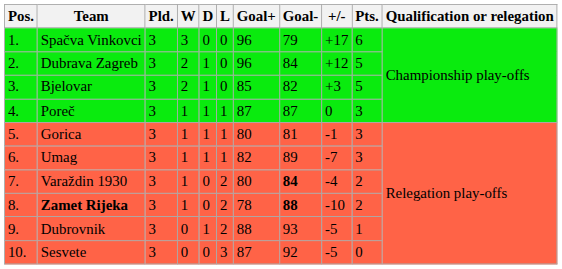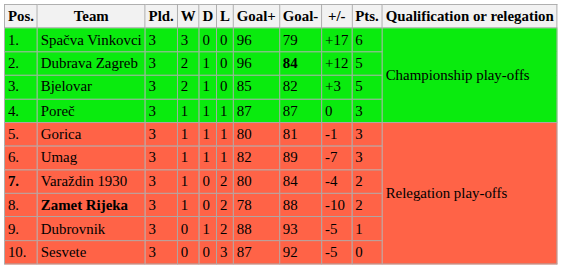 <table class="wikitable">
 <tr>
 <th>Pos.</th>
 <th>Team</th>
 <th>Pld.</th>
 <th>W</th>
 <th>D</th>
 <th>L</th>
 <th>Goal+</th>
 <th>Goal-</th>
 <th>+/-</th>
 <th>Pts.</th>
 <th>Qualification or relegation</th>
 </tr>
 <tr bgcolor="paleblue">
 <td>1.</td>
 <td>Spačva Vinkovci</td>
 <td>3</td>
 <td>3</td>
 <td>0</td>
 <td>0</td>
 <td>96</td>
 <td>79</td>
 <td>+17</td>
 <td>6</td>
 <td rowspan="4">Championship play-offs</td>
 </tr>
 <tr bgcolor="paleblue">
 <td>2.</td>
 <td>Dubrava Zagreb</td>
 <td>3</td>
 <td>2</td>
 <td>1</td>
 <td>0</td>
 <td>96</td>
-<td>84</td>
+<td><strong>84</strong></td>
 <td>+12</td>
 <td>5</td>
 </tr>
 <tr bgcolor="paleblue">
 <td>3.</td>
 <td>Bjelovar</td>
 <td>3</td>
 <td>2</td>
 <td>1</td>
 <td>0</td>
 <td>85</td>
 <td>82</td>
 <td>+3</td>
 <td>5</td>
 </tr>
 <tr bgcolor="paleblue">
 <td>4.</td>
 <td>Poreč</td>
 <td>3</td>
 <td>1</td>
 <td>1</td>
 <td>1</td>
 <td>87</td>
 <td>87</td>
 <td>0</td>
 <td>3</td>
 </tr>
 <tr style="background:tomato;">
 <td>5.</td>
 <td>Gorica</td>
 <td>3</td>
 <td>1</td>
 <td>1</td>
 <td>1</td>
 <td>80</td>
 <td>81</td>
 <td>-1</td>
 <td>3</td>
 <td rowspan="6">Relegation play-offs</td>
 </tr>
 <tr style="background:tomato;">
 <td>6.</td>
 <td>Umag</td>
 <td>3</td>
 <td>1</td>
 <td>1</td>
 <td>1</td>
 <td>82</td>
 <td>89</td>
 <td>-7</td>
 <td>3</td>
 </tr>
 <tr style="background:tomato;">
-<td>7.</td>
+<td><strong>7.</strong></td>
 <td>Varaždin 1930</td>
 <td>3</td>
 <td>1</td>
 <td>0</td>
 <td>2</td>
 <td>80</td>
-<td><strong>84</strong></td>
+<td>84</td>
 <td>-4</td>
 <td>2</td>
 </tr>
 <tr style="background:tomato;">
 <td>8.</td>
 <td><strong>Zamet Rijeka</strong></td>
 <td>3</td>
 <td>1</td>
 <td>0</td>
 <td>2</td>
 <td>78</td>
-<td><strong>88</strong></td>
+<td>88</td>
 <td>-10</td>
 <td>2</td>
 </tr>
 <tr style="background:tomato;">
 <td>9.</td>
 <td>Dubrovnik</td>
 <td>3</td>
 <td>0</td>
 <td>1</td>
 <td>2</td>
 <td>88</td>
 <td>93</td>
 <td>-5</td>
 <td>1</td>
 </tr>
 <tr style="background:tomato;">
 <td>10.</td>
 <td>Sesvete</td>
 <td>3</td>
 <td>0</td>
 <td>0</td>
 <td>3</td>
 <td>87</td>
 <td>92</td>
 <td>-5</td>
 <td>0</td>
 </tr>
 </table>
